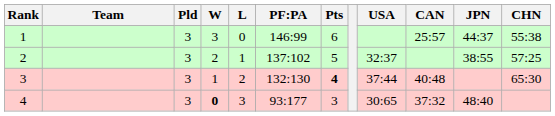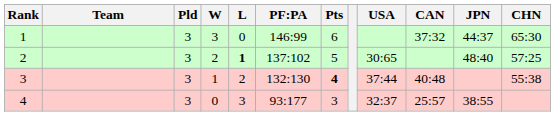 <table class="wikitable" style="text-align:center">
 <tr>
 <th width=25>Rank</th>
 <th width=150>Team</th>
 <th width=25>Pld</th>
 <th width=25>W</th>
 <th width=25>L</th>
 <th width=70>PF:PA</th>
 <th width=25>Pts</th>
 <th rowspan="5"> </th>
 <th width=50>USA</th>
 <th width=50>CAN</th>
 <th width=50>JPN</th>
 <th width=50>CHN</th>
 </tr>
 <tr style="background:#ccffcc;">
 <td>1</td>
 <td align=left></td>
 <td>3</td>
 <td>3</td>
 <td>0</td>
 <td>146:99</td>
 <td>6</td>
 <td></td>
-<td>25:57</td>
+<td>37:32</td>
 <td>44:37</td>
-<td>55:38</td>
+<td>65:30</td>
 </tr>
 <tr style="background:#ccffcc;">
 <td>2</td>
 <td align=left></td>
 <td>3</td>
 <td>2</td>
-<td>1</td>
+<td><strong>1</strong></td>
 <td>137:102</td>
 <td>5</td>
-<td>32:37</td>
+<td>30:65</td>
 <td></td>
-<td>38:55</td>
+<td>48:40</td>
 <td>57:25</td>
 </tr>
 <tr style="background:#ffcccc;">
 <td>3</td>
 <td align=left></td>
 <td>3</td>
 <td>1</td>
 <td>2</td>
 <td>132:130</td>
 <td><strong>4</strong></td>
 <td>37:44</td>
 <td>40:48</td>
 <td></td>
-<td>65:30</td>
+<td>55:38</td>
 </tr>
 <tr style="background:#ffcccc;">
 <td>4</td>
 <td align=left></td>
 <td>3</td>
-<td><strong>0</strong></td>
+<td>0</td>
 <td>3</td>
 <td>93:177</td>
 <td>3</td>
-<td>30:65</td>
-<td>37:32</td>
-<td>48:40</td>
+<td>32:37</td>
+<td>25:57</td>
+<td>38:55</td>
 <td></td>
 </tr>
 </table>
